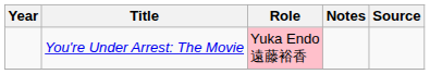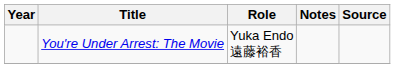 <table class="wikitable sortable plainrowheaders">
 <tr>
 <th>Year</th>
 <th>Title</th>
 <th>Role</th>
 <th class="unsortable">Notes</th>
 <th class="unsortable">Source</th>
 </tr>
 <tr>
 <td></td>
 <td><em><a href='#'>You're Under Arrest: The Movie</a></em></td>
-<td style="background: pink;">Yuka Endo<br>遠藤裕香</td>
+<td>Yuka Endo<br>遠藤裕香</td>
 <td></td>
 <td></td>
 </tr>
 <tr>
 </tr>
 </table>
